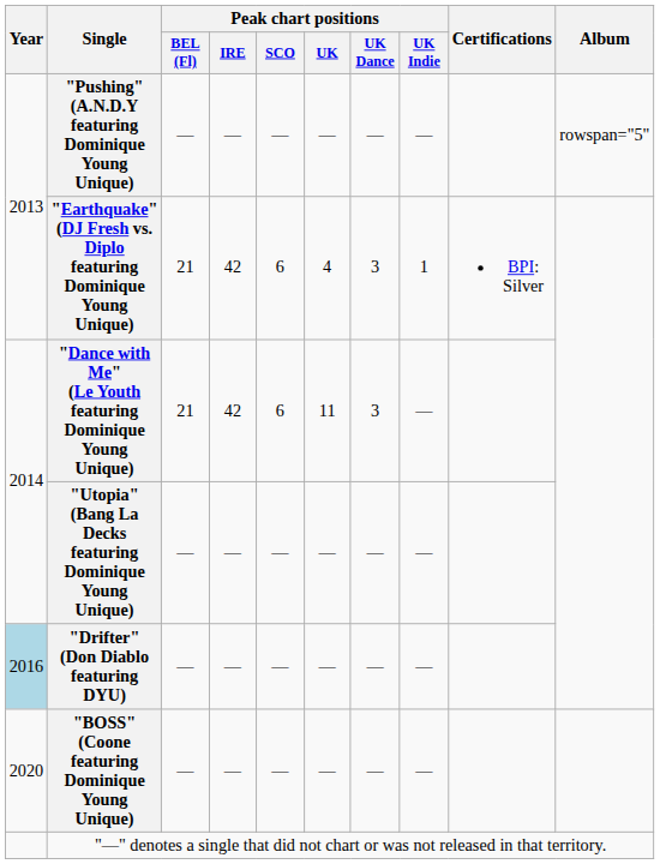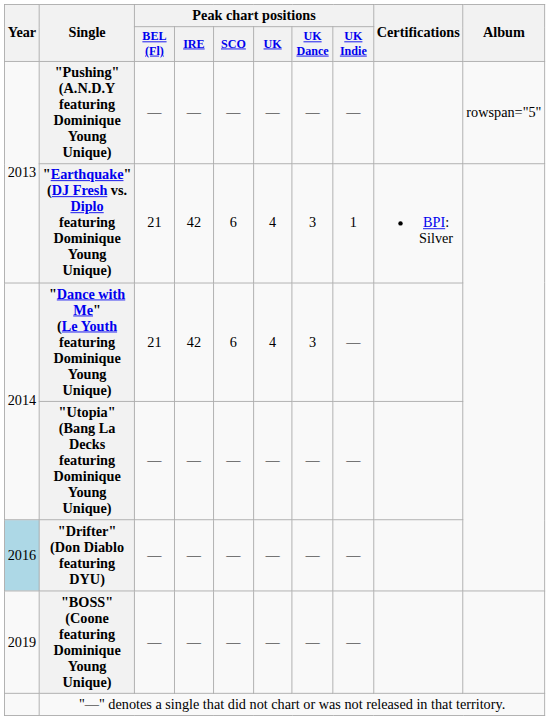 <table class="wikitable plainrowheaders" style="text-align:center;">
 <tr>
 <th scope="col" rowspan="2">Year</th>
 <th scope="col" rowspan="2">Single</th>
 <th scope="col" colspan="6">Peak chart positions</th>
 <th scope="col" rowspan="2">Certifications</th>
 <th scope="col" rowspan="2">Album</th>
 </tr>
 <tr>
 <th scope="col" style="width:3em;font-size:85%;"><a href='#'>BEL (Fl)</a><br></th>
 <th scope="col" style="width:3em;font-size:85%;"><a href='#'>IRE</a><br></th>
 <th scope="col" style="width:3em;font-size:85%;"><a href='#'>SCO</a><br></th>
 <th scope="col" style="width:3em;font-size:85%;"><a href='#'>UK</a><br></th>
 <th scope="col" style="width:3em;font-size:85%;"><a href='#'>UK Dance</a><br></th>
 <th scope="col" style="width:3em;font-size:85%;"><a href='#'>UK Indie</a><br></th>
 </tr>
 <tr>
 <td rowspan="2">2013</td>
 <th scope="row">"Pushing"<br><span>(A.N.D.Y featuring Dominique Young Unique)</span></th>
 <td>—</td>
 <td>—</td>
 <td>—</td>
 <td>—</td>
 <td>—</td>
 <td>—</td>
 <td></td>
 <td>rowspan="5" </td>
 </tr>
 <tr>
 <th scope="row">"<a href='#'>Earthquake</a>"<br><span>(<a href='#'>DJ Fresh</a> vs. <a href='#'>Diplo</a> featuring Dominique Young Unique)</span></th>
 <td>21</td>
 <td>42</td>
 <td>6</td>
 <td>4</td>
 <td>3</td>
 <td>1</td>
 <td><br><ul><li><a href='#'>BPI</a>: Silver</li></ul></td>
 </tr>
 <tr>
 <td rowspan="2">2014</td>
 <th scope="row">"<a href='#'>Dance with Me</a>"<br><span>(<a href='#'>Le Youth</a> featuring Dominique Young Unique)</span></th>
 <td>21</td>
 <td>42</td>
 <td>6</td>
-<td>11</td>
+<td>4</td>
 <td>3</td>
 <td>—</td>
 <td></td>
 </tr>
 <tr>
 <th scope="row">"Utopia"<br><span>(Bang La Decks featuring Dominique Young Unique)</span></th>
 <td>—</td>
 <td>—</td>
 <td>—</td>
 <td>—</td>
 <td>—</td>
 <td>—</td>
 <td></td>
 </tr>
 <tr>
 <td style="background: lightblue;">2016</td>
 <th scope="row">"Drifter"<br><span>(Don Diablo featuring DYU)</span></th>
 <td>—</td>
 <td>—</td>
 <td>—</td>
 <td>—</td>
 <td>—</td>
 <td>—</td>
 <td></td>
 </tr>
 <tr>
-<td>2020</td>
+<td>2019</td>
 <th scope="row">"BOSS"<br><span>(Coone featuring Dominique Young Unique)</span></th>
 <td>—</td>
 <td>—</td>
 <td>—</td>
 <td>—</td>
 <td>—</td>
 <td>—</td>
 <td></td>
 <td></td>
 </tr>
 <tr>
 <td></td>
 <td colspan="9">"—" denotes a single that did not chart or was not released in that territory.</td>
 </tr>
 </table>
